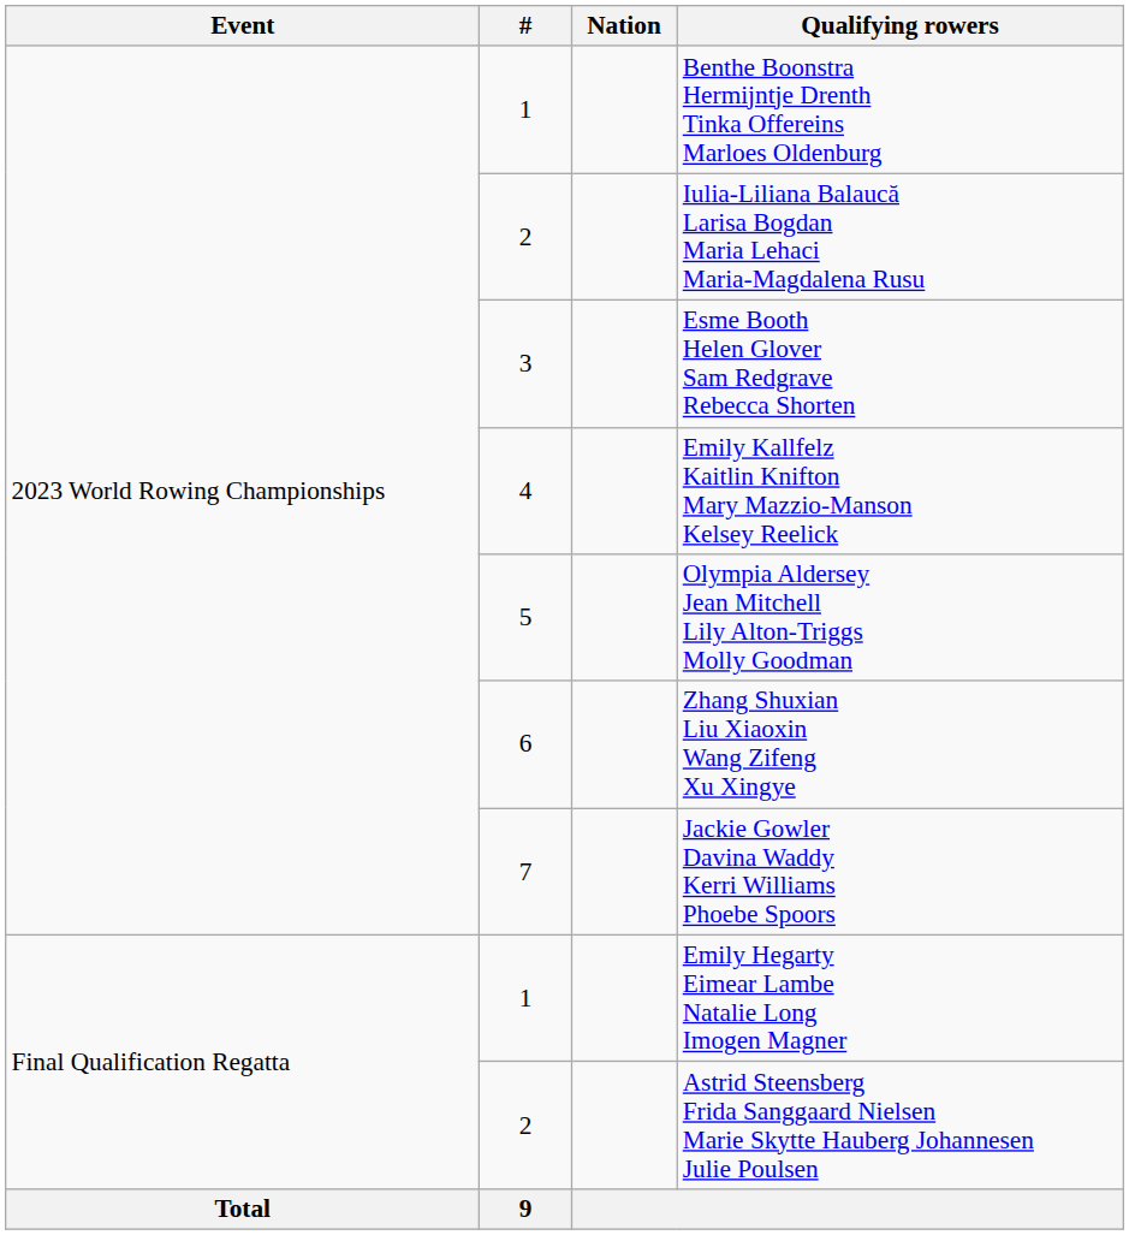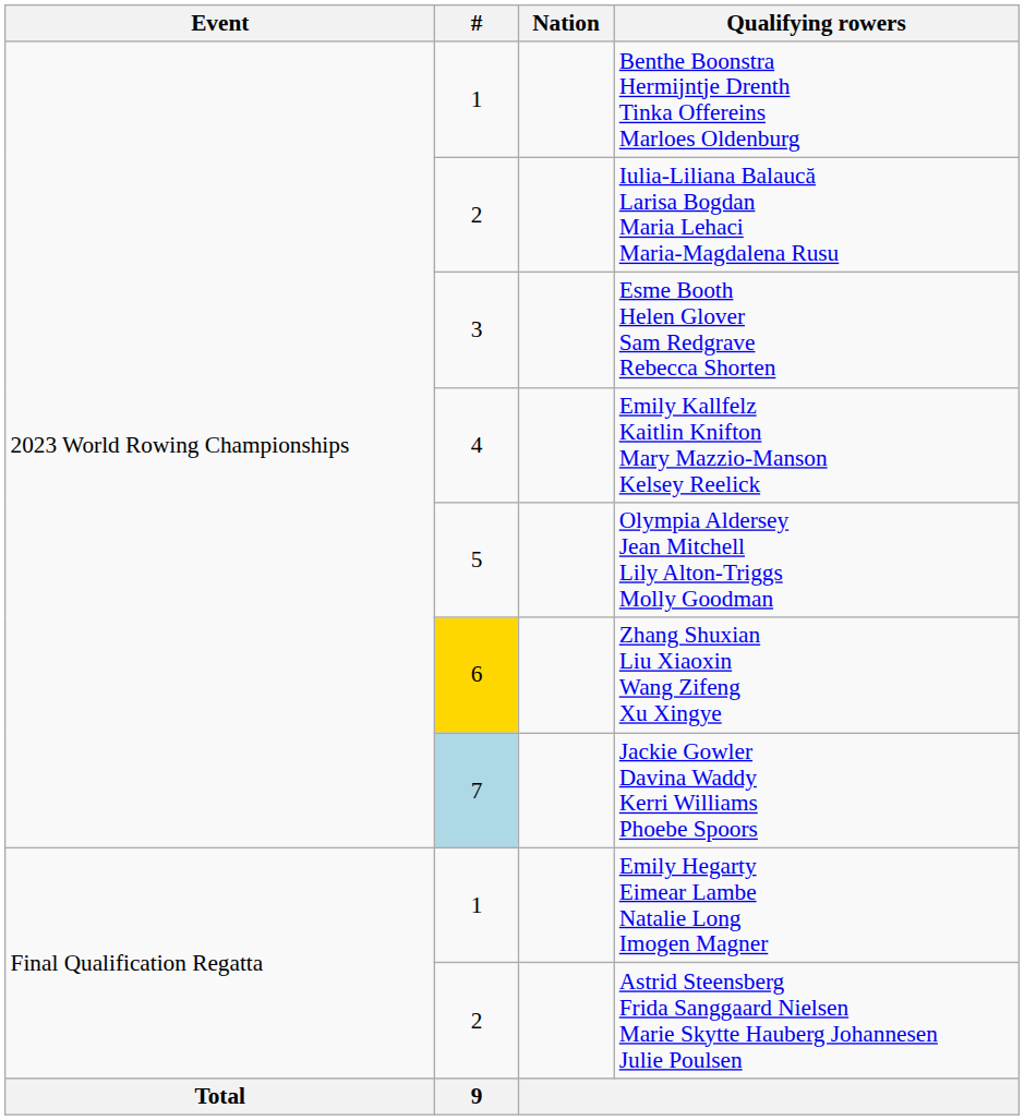 <table class="wikitable"  style="width:700px; text-align:center;">
 <tr>
 <th>Event</th>
 <th width=50>#</th>
 <th>Nation</th>
 <th>Qualifying rowers</th>
 </tr>
 <tr>
 <td rowspan=7 align=left>2023 World Rowing Championships</td>
 <td>1</td>
 <td align=left></td>
 <td align=left><a href='#'>Benthe Boonstra</a><br><a href='#'>Hermijntje Drenth</a><br><a href='#'>Tinka Offereins</a><br><a href='#'>Marloes Oldenburg</a></td>
 </tr>
 <tr>
 <td>2</td>
 <td align=left></td>
 <td align=left><a href='#'>Iulia-Liliana Balaucă</a><br><a href='#'>Larisa Bogdan</a><br><a href='#'>Maria Lehaci</a><br><a href='#'>Maria-Magdalena Rusu</a></td>
 </tr>
 <tr>
 <td>3</td>
 <td align=left></td>
 <td align=left><a href='#'>Esme Booth</a><br><a href='#'>Helen Glover</a><br><a href='#'>Sam Redgrave</a><br><a href='#'>Rebecca Shorten</a></td>
 </tr>
 <tr>
 <td>4</td>
 <td align=left></td>
 <td align=left><a href='#'>Emily Kallfelz</a><br><a href='#'>Kaitlin Knifton</a><br><a href='#'>Mary Mazzio-Manson</a><br><a href='#'>Kelsey Reelick</a></td>
 </tr>
 <tr>
 <td>5</td>
 <td align=left></td>
 <td align=left><a href='#'>Olympia Aldersey</a><br><a href='#'>Jean Mitchell</a><br><a href='#'>Lily Alton-Triggs</a><br><a href='#'>Molly Goodman</a></td>
 </tr>
 <tr>
-<td>6</td>
+<td style="background: gold;">6</td>
 <td align=left></td>
 <td align=left><a href='#'>Zhang Shuxian</a><br><a href='#'>Liu Xiaoxin</a><br><a href='#'>Wang Zifeng</a><br><a href='#'>Xu Xingye</a></td>
 </tr>
 <tr>
-<td>7</td>
+<td style="background: lightblue;">7</td>
 <td align=left></td>
 <td align=left><a href='#'>Jackie Gowler</a><br><a href='#'>Davina Waddy</a><br><a href='#'>Kerri Williams</a><br><a href='#'>Phoebe Spoors</a></td>
 </tr>
 <tr>
 <td rowspan=2 align=left>Final Qualification Regatta</td>
 <td>1</td>
 <td align=left></td>
 <td align=left><a href='#'>Emily Hegarty</a><br><a href='#'>Eimear Lambe</a><br><a href='#'>Natalie Long</a><br><a href='#'>Imogen Magner</a></td>
 </tr>
 <tr>
 <td>2</td>
 <td align=left></td>
 <td align=left><a href='#'>Astrid Steensberg</a><br><a href='#'>Frida Sanggaard Nielsen</a><br><a href='#'>Marie Skytte Hauberg Johannesen</a><br><a href='#'>Julie Poulsen</a></td>
 </tr>
 <tr>
 <th>Total</th>
 <th>9</th>
 <th colspan=2></th>
 </tr>
 </table>
